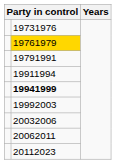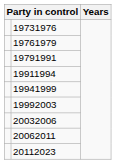 <table class="wikitable">
 <tr>
 <th colspan="2">Party in control</th>
 <th>Years</th>
 </tr>
 <tr>
 <td></td>
 <td>19731976</td>
 </tr>
 <tr>
 <td></td>
-<td style="background: gold;">19761979</td>
+<td>19761979</td>
 </tr>
 <tr>
 <td></td>
 <td>19791991</td>
 </tr>
 <tr>
 <td></td>
 <td>19911994</td>
 </tr>
 <tr>
 <td></td>
-<td><strong>19941999</strong></td>
+<td>19941999</td>
 </tr>
 <tr>
 <td></td>
 <td>19992003</td>
 </tr>
 <tr>
 <td></td>
 <td>20032006</td>
 </tr>
 <tr>
 <td></td>
 <td>20062011</td>
 </tr>
 <tr>
 <td></td>
 <td>20112023</td>
 </tr>
 </table>
